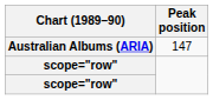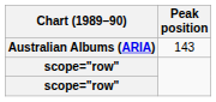 <table class="wikitable sortable plainrowheaders">
 <tr>
 <th scope="col">Chart (1989–90)</th>
 <th scope="col">Peak<br>position</th>
 </tr>
 <tr>
 <th scope="row">Australian Albums (<a href='#'>ARIA</a>)</th>
-<td align="center">147</td>
+<td align="center">143</td>
 </tr>
 <tr>
 <th>scope="row" </th>
 </tr>
 <tr>
 <th>scope="row" </th>
 </tr>
 </table>
